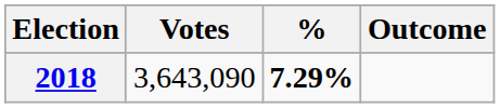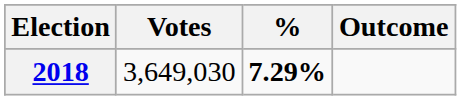 <table class="wikitable" style="text-align: center; border:none">
 <tr>
 <th>Election</th>
 <th>Votes</th>
 <th>%</th>
 <th>Outcome</th>
 </tr>
 <tr>
 <th><strong><a href='#'>2018</a></strong></th>
-<td>3,643,090</td>
+<td>3,649,030</td>
 <td><strong>7.29%</strong></td>
 <td></td>
 </tr>
 </table>
